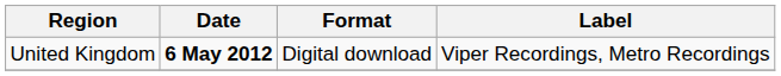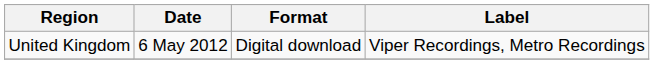 <table class=wikitable>
 <tr>
 <th>Region</th>
 <th>Date</th>
 <th>Format</th>
 <th>Label</th>
 </tr>
 <tr>
 <td>United Kingdom</td>
-<td><strong>6 May 2012</strong></td>
+<td>6 May 2012</td>
 <td>Digital download</td>
 <td>Viper Recordings, Metro Recordings</td>
 </tr>
 <tr>
 </tr>
 </table>
